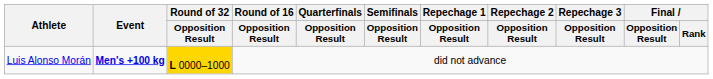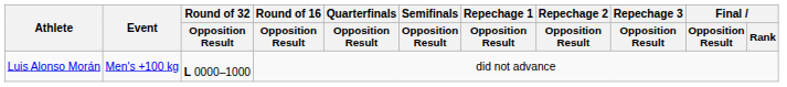 <table class="wikitable" style="font-size:90%">
 <tr>
 <th rowspan="2">Athlete</th>
 <th rowspan="2">Event</th>
 <th>Round of 32</th>
 <th>Round of 16</th>
 <th>Quarterfinals</th>
 <th>Semifinals</th>
 <th>Repechage 1</th>
 <th>Repechage 2</th>
 <th>Repechage 3</th>
 <th colspan=2>Final / </th>
 </tr>
 <tr style="font-size:95%">
 <th>Opposition<br>Result</th>
 <th>Opposition<br>Result</th>
 <th>Opposition<br>Result</th>
 <th>Opposition<br>Result</th>
 <th>Opposition<br>Result</th>
 <th>Opposition<br>Result</th>
 <th>Opposition<br>Result</th>
 <th>Opposition<br>Result</th>
 <th>Rank</th>
 </tr>
 <tr align=center>
 <td align=left><a href='#'>Luis Alonso Morán</a></td>
-<td align=left><strong><a href='#'>Men's +100 kg</a></strong></td>
-<td style="background: gold;"><br><strong>L</strong> 0000–1000</td>
+<td align=left><a href='#'>Men's +100 kg</a></td>
+<td><br><strong>L</strong> 0000–1000</td>
 <td colspan=8>did not advance</td>
 </tr>
 </table>
